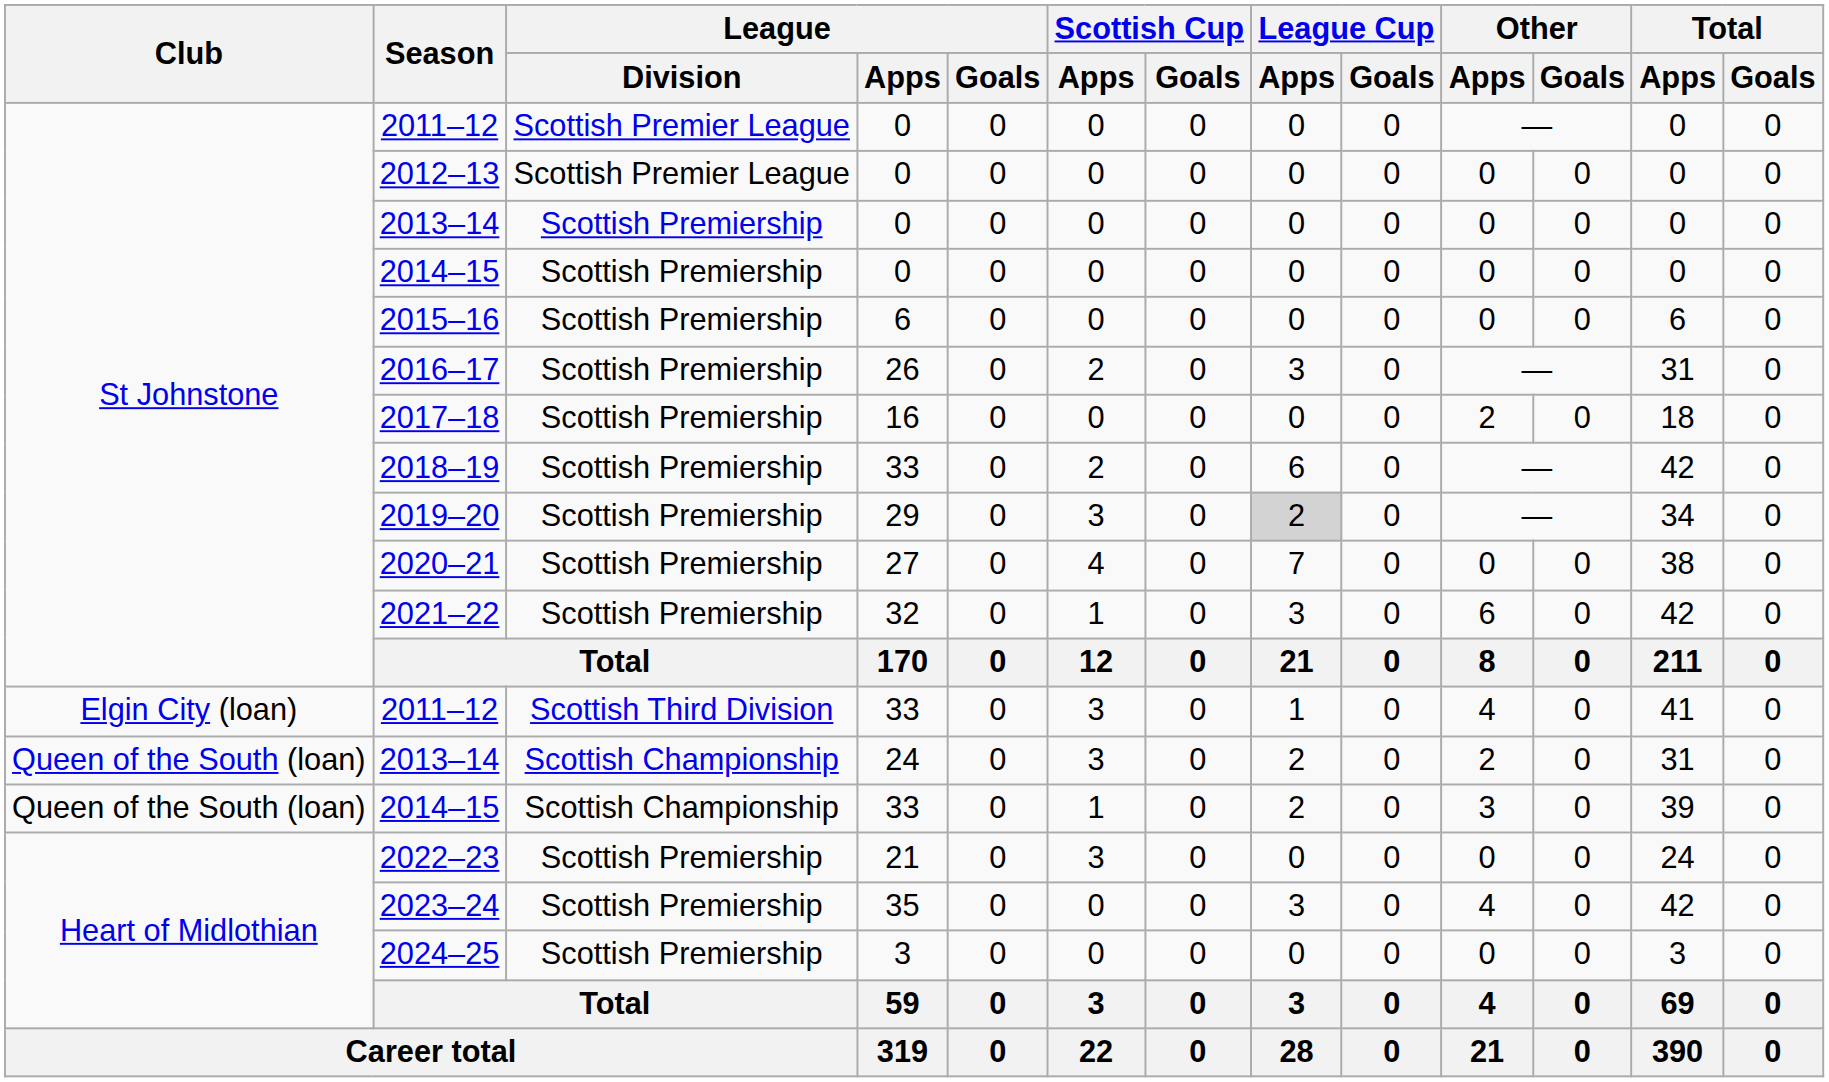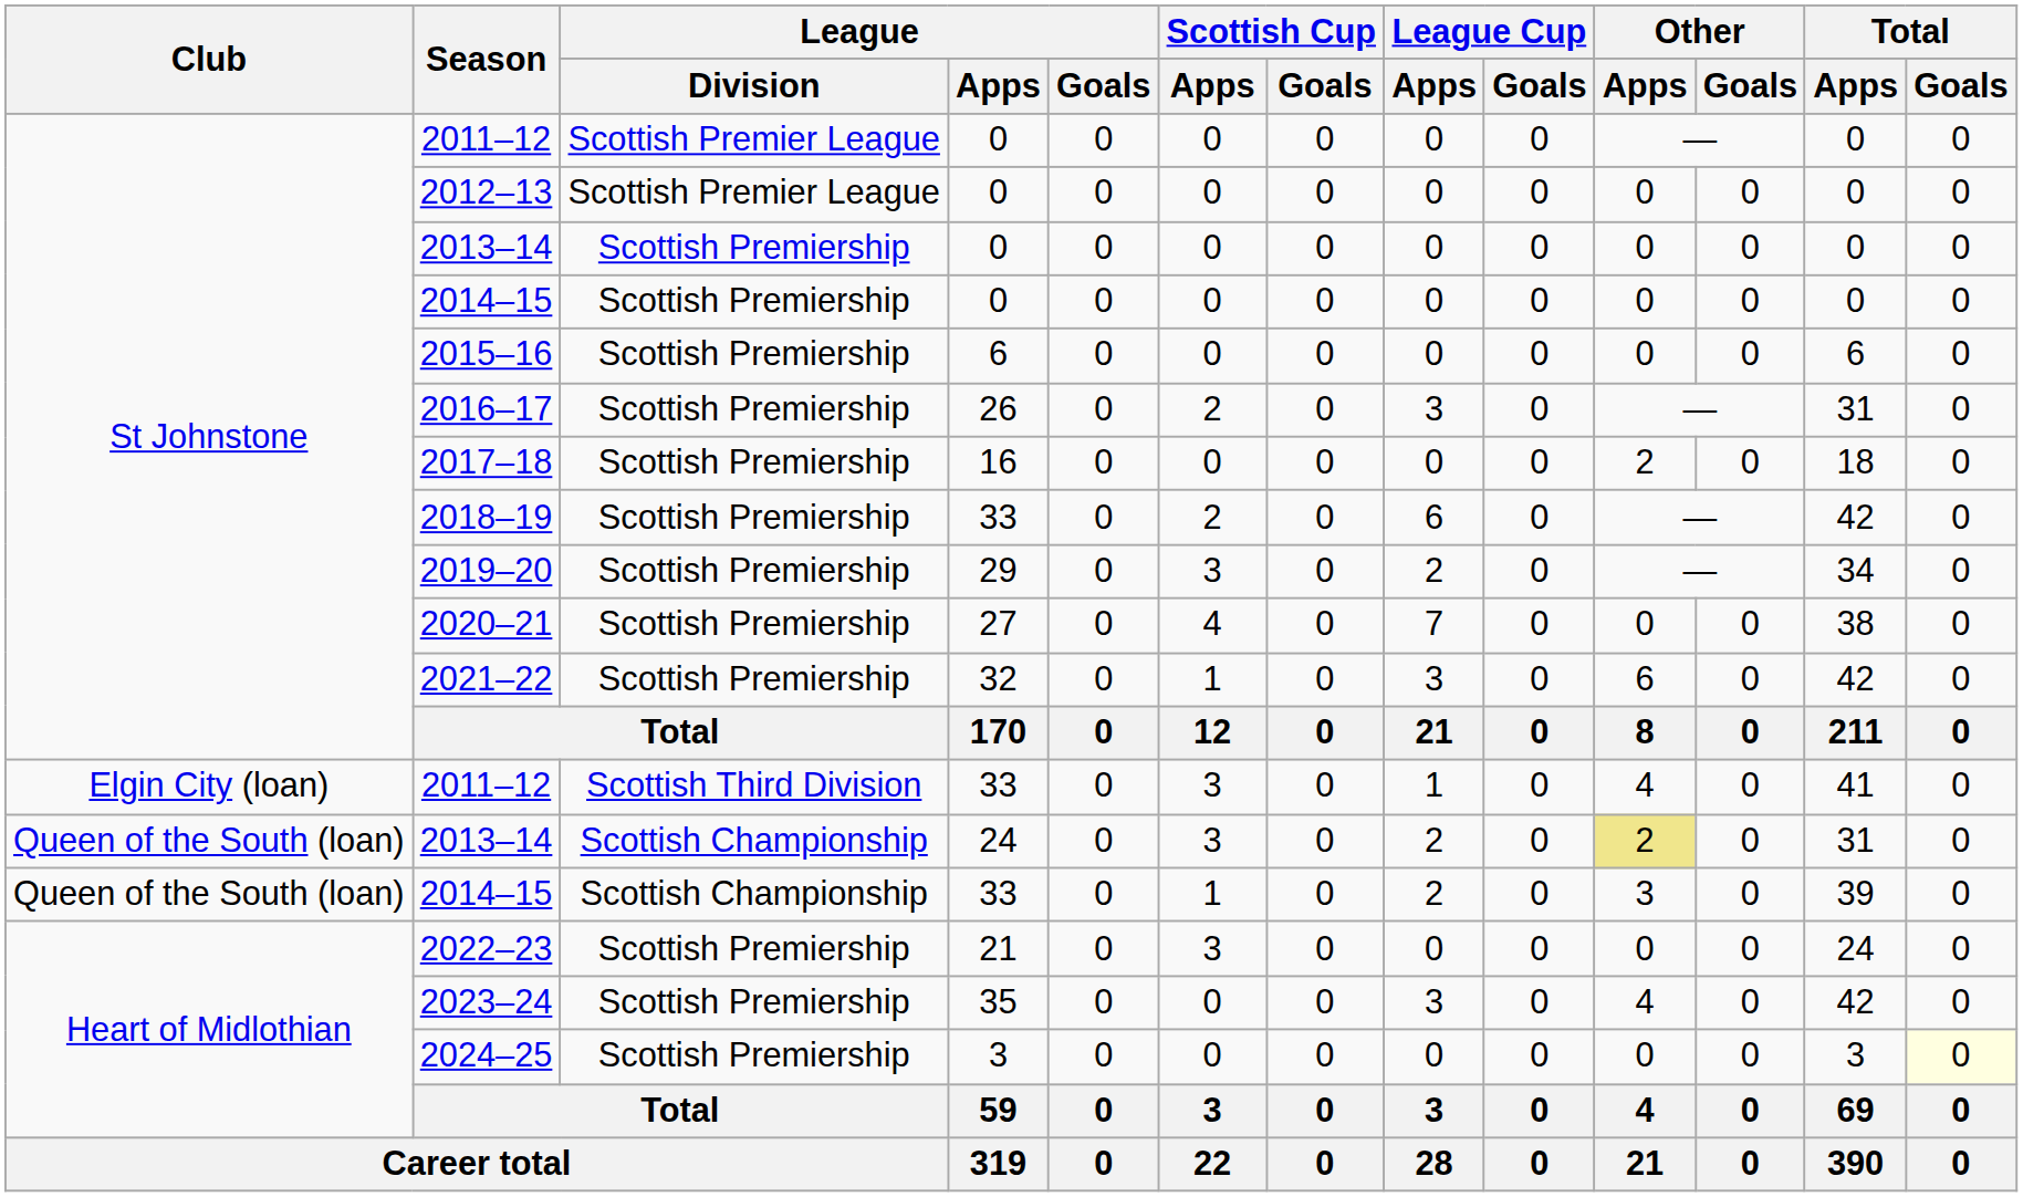 <table class="wikitable" style="text-align: center;">
 <tr>
 <th rowspan="2">Club</th>
 <th rowspan="2">Season</th>
 <th colspan="3">League</th>
 <th colspan="2"><a href='#'>Scottish Cup</a></th>
 <th colspan="2"><a href='#'>League Cup</a></th>
 <th colspan="2">Other</th>
 <th colspan="2">Total</th>
 </tr>
 <tr>
 <th>Division</th>
 <th>Apps</th>
 <th>Goals</th>
 <th>Apps</th>
 <th>Goals</th>
 <th>Apps</th>
 <th>Goals</th>
 <th>Apps</th>
 <th>Goals</th>
 <th>Apps</th>
 <th>Goals</th>
 </tr>
 <tr>
 <td rowspan="12"><a href='#'>St Johnstone</a></td>
 <td><a href='#'>2011–12</a></td>
 <td><a href='#'>Scottish Premier League</a></td>
 <td>0</td>
 <td>0</td>
 <td>0</td>
 <td>0</td>
 <td>0</td>
 <td>0</td>
 <td colspan="2">—</td>
 <td>0</td>
 <td>0</td>
 </tr>
 <tr>
 <td><a href='#'>2012–13</a></td>
 <td>Scottish Premier League</td>
 <td>0</td>
 <td>0</td>
 <td>0</td>
 <td>0</td>
 <td>0</td>
 <td>0</td>
 <td>0</td>
 <td>0</td>
 <td>0</td>
 <td>0</td>
 </tr>
 <tr>
 <td><a href='#'>2013–14</a></td>
 <td><a href='#'>Scottish Premiership</a></td>
 <td>0</td>
 <td>0</td>
 <td>0</td>
 <td>0</td>
 <td>0</td>
 <td>0</td>
 <td>0</td>
 <td>0</td>
 <td>0</td>
 <td>0</td>
 </tr>
 <tr>
 <td><a href='#'>2014–15</a></td>
 <td>Scottish Premiership</td>
 <td>0</td>
 <td>0</td>
 <td>0</td>
 <td>0</td>
 <td>0</td>
 <td>0</td>
 <td>0</td>
 <td>0</td>
 <td>0</td>
 <td>0</td>
 </tr>
 <tr>
 <td><a href='#'>2015–16</a></td>
 <td>Scottish Premiership</td>
 <td>6</td>
 <td>0</td>
 <td>0</td>
 <td>0</td>
 <td>0</td>
 <td>0</td>
 <td>0</td>
 <td>0</td>
 <td>6</td>
 <td>0</td>
 </tr>
 <tr>
 <td><a href='#'>2016–17</a></td>
 <td>Scottish Premiership</td>
 <td>26</td>
 <td>0</td>
 <td>2</td>
 <td>0</td>
 <td>3</td>
 <td>0</td>
 <td colspan="2">—</td>
 <td>31</td>
 <td>0</td>
 </tr>
 <tr>
 <td><a href='#'>2017–18</a></td>
 <td>Scottish Premiership</td>
 <td>16</td>
 <td>0</td>
 <td>0</td>
 <td>0</td>
 <td>0</td>
 <td>0</td>
 <td>2</td>
 <td>0</td>
 <td>18</td>
 <td>0</td>
 </tr>
 <tr>
 <td><a href='#'>2018–19</a></td>
 <td>Scottish Premiership</td>
 <td>33</td>
 <td>0</td>
 <td>2</td>
 <td>0</td>
 <td>6</td>
 <td>0</td>
 <td colspan=2>—</td>
 <td>42</td>
 <td>0</td>
 </tr>
 <tr>
 <td><a href='#'>2019–20</a></td>
 <td>Scottish Premiership</td>
 <td>29</td>
 <td>0</td>
 <td>3</td>
 <td>0</td>
-<td style="background: lightgrey;">2</td>
+<td>2</td>
 <td>0</td>
 <td colspan=2>—</td>
 <td>34</td>
 <td>0</td>
 </tr>
 <tr>
 <td><a href='#'>2020–21</a></td>
 <td>Scottish Premiership</td>
 <td>27</td>
 <td>0</td>
 <td>4</td>
 <td>0</td>
 <td>7</td>
 <td>0</td>
 <td>0</td>
 <td>0</td>
 <td>38</td>
 <td>0</td>
 </tr>
 <tr>
 <td><a href='#'>2021–22</a></td>
 <td>Scottish Premiership</td>
 <td>32</td>
 <td>0</td>
 <td>1</td>
 <td>0</td>
 <td>3</td>
 <td>0</td>
 <td>6</td>
 <td>0</td>
 <td>42</td>
 <td>0</td>
 </tr>
 <tr>
 <th colspan="2">Total</th>
 <th>170</th>
 <th>0</th>
 <th>12</th>
 <th>0</th>
 <th>21</th>
 <th>0</th>
 <th>8</th>
 <th>0</th>
 <th>211</th>
 <th>0</th>
 </tr>
 <tr>
 <td><a href='#'>Elgin City</a> (loan)</td>
 <td><a href='#'>2011–12</a></td>
 <td><a href='#'>Scottish Third Division</a></td>
 <td>33</td>
 <td>0</td>
 <td>3</td>
 <td>0</td>
 <td>1</td>
 <td>0</td>
 <td>4</td>
 <td>0</td>
 <td>41</td>
 <td>0</td>
 </tr>
 <tr>
 <td><a href='#'>Queen of the South</a> (loan)</td>
 <td><a href='#'>2013–14</a></td>
 <td><a href='#'>Scottish Championship</a></td>
 <td>24</td>
 <td>0</td>
 <td>3</td>
 <td>0</td>
 <td>2</td>
 <td>0</td>
-<td>2</td>
+<td style="background: khaki;">2</td>
 <td>0</td>
 <td>31</td>
 <td>0</td>
 </tr>
 <tr>
 <td>Queen of the South (loan)</td>
 <td><a href='#'>2014–15</a></td>
 <td>Scottish Championship</td>
 <td>33</td>
 <td>0</td>
 <td>1</td>
 <td>0</td>
 <td>2</td>
 <td>0</td>
 <td>3</td>
 <td>0</td>
 <td>39</td>
 <td>0</td>
 </tr>
 <tr>
 <td rowspan="4"><a href='#'>Heart of Midlothian</a></td>
 <td><a href='#'>2022–23</a></td>
 <td>Scottish Premiership</td>
 <td>21</td>
 <td>0</td>
 <td>3</td>
 <td>0</td>
 <td>0</td>
 <td>0</td>
 <td>0</td>
 <td>0</td>
 <td>24</td>
 <td>0</td>
 </tr>
 <tr>
 <td><a href='#'>2023–24</a></td>
 <td>Scottish Premiership</td>
 <td>35</td>
 <td>0</td>
 <td>0</td>
 <td>0</td>
 <td>3</td>
 <td>0</td>
 <td>4</td>
 <td>0</td>
 <td>42</td>
 <td>0</td>
 </tr>
 <tr>
 <td><a href='#'>2024–25</a></td>
 <td>Scottish Premiership</td>
 <td>3</td>
 <td>0</td>
 <td>0</td>
 <td>0</td>
 <td>0</td>
 <td>0</td>
 <td>0</td>
 <td>0</td>
 <td>3</td>
-<td>0</td>
+<td style="background: lightyellow;">0</td>
 </tr>
 <tr>
 <th colspan="2">Total</th>
 <th>59</th>
 <th>0</th>
 <th>3</th>
 <th>0</th>
 <th>3</th>
 <th>0</th>
 <th>4</th>
 <th>0</th>
 <th>69</th>
 <th>0</th>
 </tr>
 <tr>
 <th colspan="3">Career total</th>
 <th>319</th>
 <th>0</th>
 <th>22</th>
 <th>0</th>
 <th>28</th>
 <th>0</th>
 <th>21</th>
 <th>0</th>
 <th>390</th>
 <th>0</th>
 </tr>
 </table>
